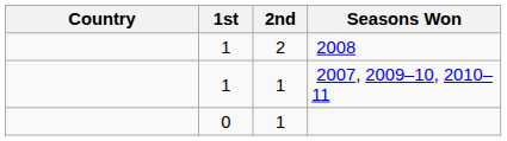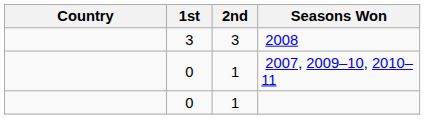 <table class="wikitable" style="font-size:95%;text-align:center;">
 <tr>
 <th width=160>Country</th>
 <th width=40>1st</th>
 <th width=40>2nd</th>
 <th width=160>Seasons Won</th>
 </tr>
 <tr>
 <td align=left></td>
-<td>1</td>
-<td>2</td>
+<td>3</td>
+<td>3</td>
 <td align=left> <a href='#'>2008</a></td>
 </tr>
 <tr>
 <td align=left></td>
-<td>1</td>
+<td>0</td>
 <td>1</td>
 <td align=left> <a href='#'>2007</a>, <a href='#'>2009–10</a>, <a href='#'>2010–11</a></td>
 </tr>
 <tr>
 <td align=left></td>
 <td>0</td>
 <td>1</td>
 <td align=left> </td>
 </tr>
 </table>
